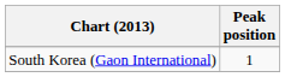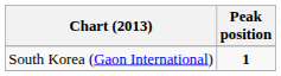 <table class="wikitable sortable">
 <tr>
 <th>Chart (2013)</th>
 <th>Peak<br>position</th>
 </tr>
 <tr>
 </tr>
 <tr>
 </tr>
 <tr>
 <td>South Korea (<a href='#'>Gaon International</a>)</td>
-<td align="center">1</td>
+<td align="center"><strong>1</strong></td>
 </tr>
 <tr>
 </tr>
 <tr>
 </tr>
 </table>
